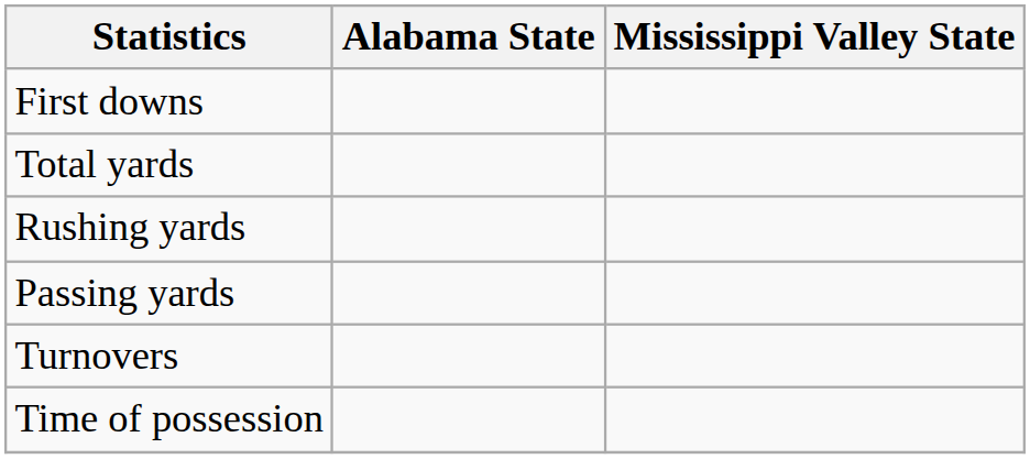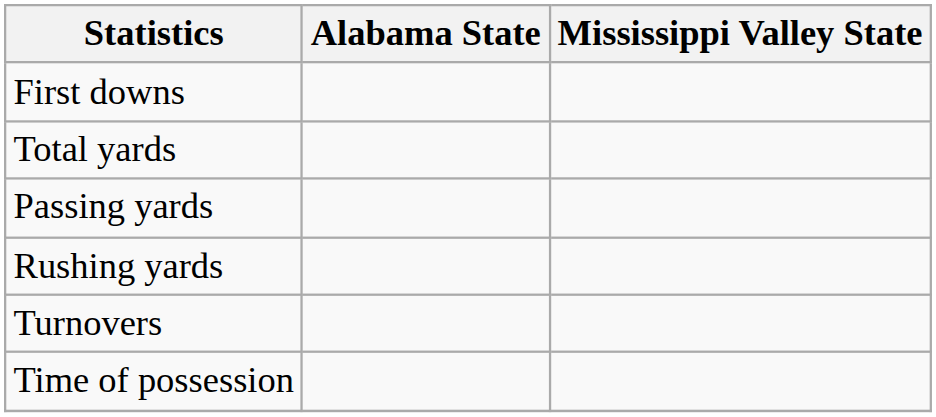 <table class="wikitable">
 <tr>
 <th>Statistics</th>
 <th>Alabama State</th>
 <th>Mississippi Valley State</th>
 </tr>
 <tr>
 <td>First downs</td>
 <td> </td>
 <td> </td>
 </tr>
 <tr>
 <td>Total yards</td>
 <td> </td>
 <td> </td>
 </tr>
 <tr>
-<td>Rushing yards</td>
+<td>Passing yards</td>
 <td> </td>
 <td> </td>
 </tr>
 <tr>
-<td>Passing yards</td>
+<td>Rushing yards</td>
 <td> </td>
 <td> </td>
 </tr>
 <tr>
 <td>Turnovers</td>
 <td> </td>
 <td> </td>
 </tr>
 <tr>
 <td>Time of possession</td>
 <td> </td>
 <td> </td>
 </tr>
 <tr>
 </tr>
 </table>
